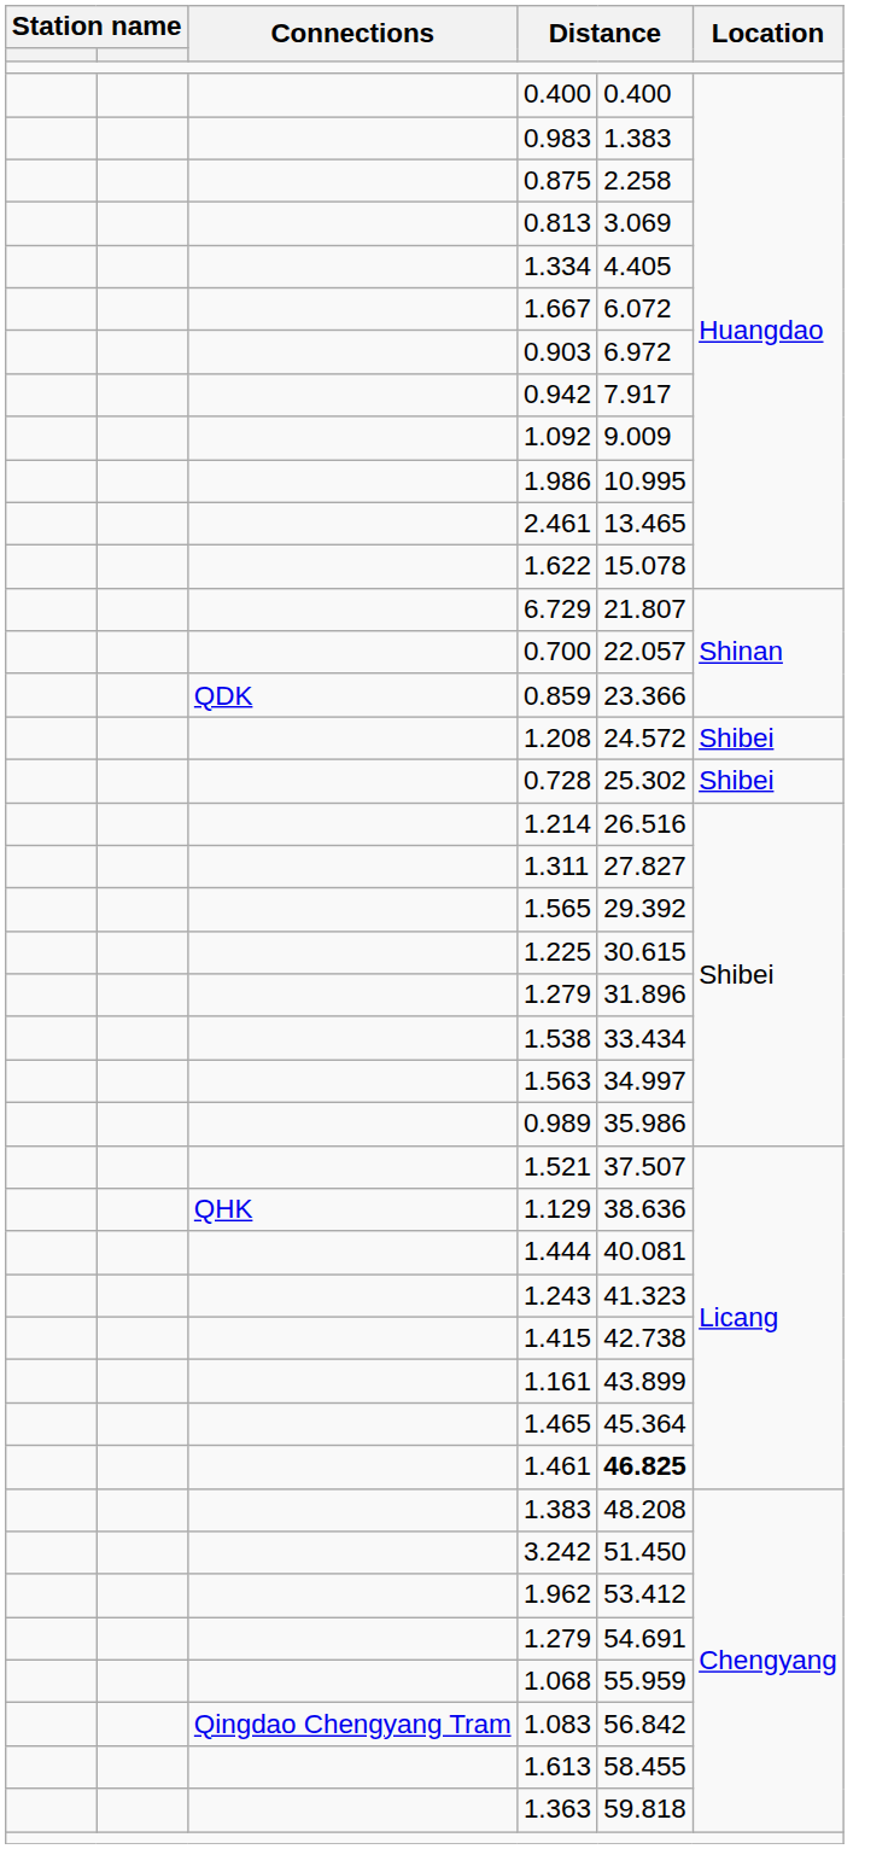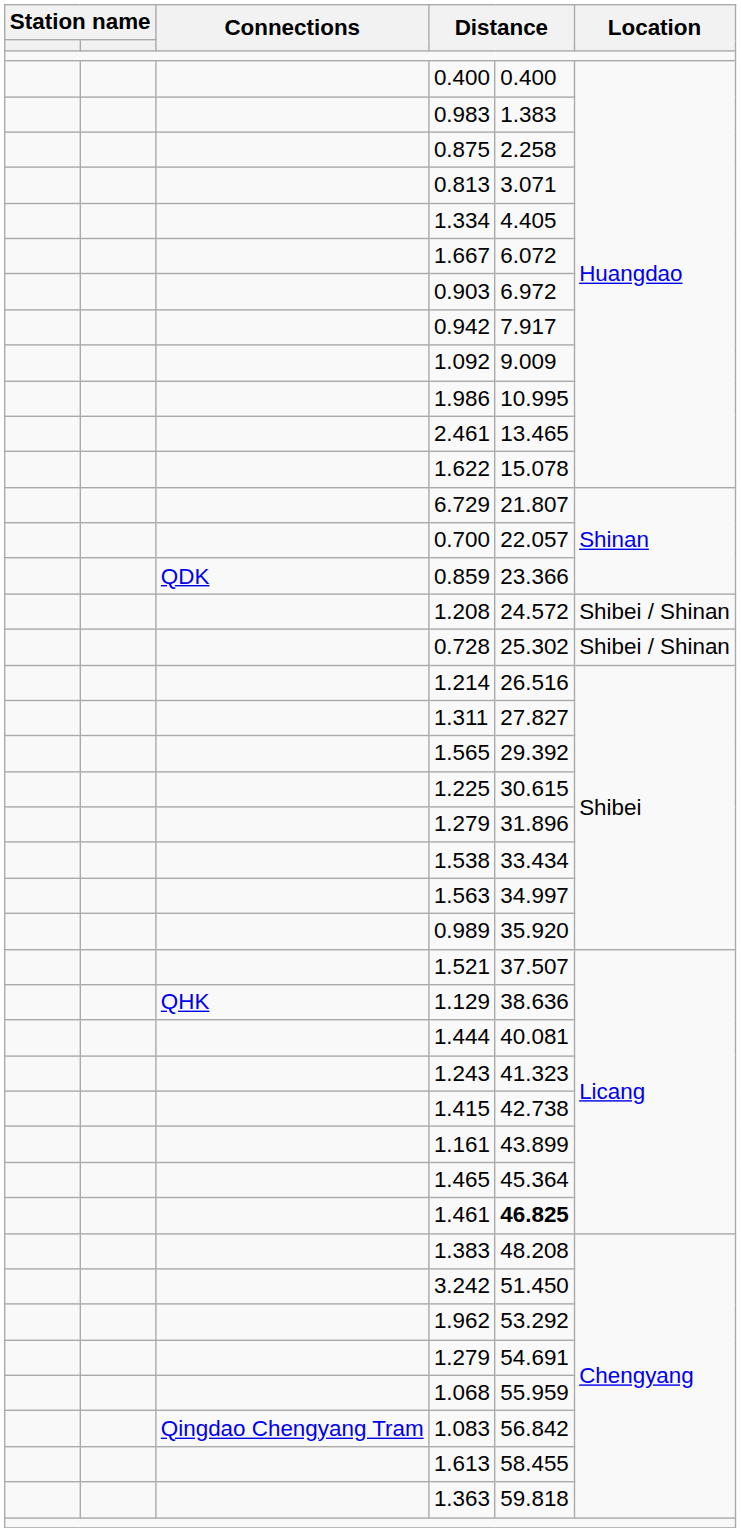 <table class="wikitable">
 <tr>
 <th colspan=2>Station name</th>
 <th rowspan=2>Connections</th>
 <th colspan="2" rowspan="2">Distance<br></th>
 <th rowspan=2>Location</th>
 </tr>
 <tr>
 <th></th>
 <th></th>
 </tr>
 <tr style="background:#">
 <td colspan = "6"></td>
 </tr>
 <tr>
 <td></td>
 <td></td>
 <td></td>
 <td>0.400</td>
 <td>0.400</td>
 <td rowspan="12"><a href='#'>Huangdao</a></td>
 </tr>
 <tr>
 <td></td>
 <td></td>
 <td></td>
 <td>0.983</td>
 <td>1.383</td>
 </tr>
 <tr>
 <td></td>
 <td></td>
 <td></td>
 <td>0.875</td>
 <td>2.258</td>
 </tr>
 <tr>
 <td></td>
 <td></td>
 <td></td>
 <td>0.813</td>
-<td>3.069</td>
+<td>3.071</td>
 </tr>
 <tr>
 <td></td>
 <td></td>
 <td></td>
 <td>1.334</td>
 <td>4.405</td>
 </tr>
 <tr>
 <td></td>
 <td></td>
 <td></td>
 <td>1.667</td>
 <td>6.072</td>
 </tr>
 <tr>
 <td></td>
 <td></td>
 <td></td>
 <td>0.903</td>
 <td>6.972</td>
 </tr>
 <tr>
 <td></td>
 <td></td>
 <td></td>
 <td>0.942</td>
 <td>7.917</td>
 </tr>
 <tr>
 <td></td>
 <td></td>
 <td></td>
 <td>1.092</td>
 <td>9.009</td>
 </tr>
 <tr>
 <td></td>
 <td></td>
 <td></td>
 <td>1.986</td>
 <td>10.995</td>
 </tr>
 <tr>
 <td></td>
 <td></td>
 <td></td>
 <td>2.461</td>
 <td>13.465</td>
 </tr>
 <tr>
 <td></td>
 <td></td>
 <td></td>
 <td>1.622</td>
 <td>15.078</td>
 </tr>
 <tr>
 <td></td>
 <td></td>
 <td></td>
 <td>6.729</td>
 <td>21.807</td>
 <td rowspan="3"><a href='#'>Shinan</a></td>
 </tr>
 <tr>
 <td></td>
 <td></td>
 <td></td>
 <td>0.700</td>
 <td>22.057</td>
 </tr>
 <tr>
 <td></td>
 <td></td>
 <td>  <a href='#'>QDK</a></td>
 <td>0.859</td>
 <td>23.366</td>
 </tr>
 <tr>
 <td></td>
 <td></td>
 <td></td>
 <td>1.208</td>
 <td>24.572</td>
-<td><a href='#'>Shibei</a></td>
+<td>Shibei / Shinan</td>
 </tr>
 <tr>
 <td></td>
 <td></td>
 <td></td>
 <td>0.728</td>
 <td>25.302</td>
-<td><a href='#'>Shibei</a></td>
+<td>Shibei / Shinan</td>
 </tr>
 <tr>
 <td></td>
 <td></td>
 <td></td>
 <td>1.214</td>
 <td>26.516</td>
 <td rowspan="8">Shibei</td>
 </tr>
 <tr>
 <td></td>
 <td></td>
 <td></td>
 <td>1.311</td>
 <td>27.827</td>
 </tr>
 <tr>
 <td></td>
 <td></td>
 <td></td>
 <td>1.565</td>
 <td>29.392</td>
 </tr>
 <tr>
 <td></td>
 <td></td>
 <td></td>
 <td>1.225</td>
 <td>30.615</td>
 </tr>
 <tr>
 <td></td>
 <td></td>
 <td></td>
 <td>1.279</td>
 <td>31.896</td>
 </tr>
 <tr>
 <td></td>
 <td></td>
 <td></td>
 <td>1.538</td>
 <td>33.434</td>
 </tr>
 <tr>
 <td></td>
 <td></td>
 <td></td>
 <td>1.563</td>
 <td>34.997</td>
 </tr>
 <tr>
 <td></td>
 <td></td>
 <td></td>
 <td>0.989</td>
-<td>35.986</td>
+<td>35.920</td>
 </tr>
 <tr>
 <td></td>
 <td></td>
 <td></td>
 <td>1.521</td>
 <td>37.507</td>
 <td rowspan="8"><a href='#'>Licang</a></td>
 </tr>
 <tr>
 <td></td>
 <td></td>
 <td>    <a href='#'>QHK</a></td>
 <td>1.129</td>
 <td>38.636</td>
 </tr>
 <tr>
 <td></td>
 <td></td>
 <td></td>
 <td>1.444</td>
 <td>40.081</td>
 </tr>
 <tr>
 <td></td>
 <td></td>
 <td></td>
 <td>1.243</td>
 <td>41.323</td>
 </tr>
 <tr>
 <td></td>
 <td></td>
 <td> </td>
 <td>1.415</td>
 <td>42.738</td>
 </tr>
 <tr>
 <td></td>
 <td></td>
 <td></td>
 <td>1.161</td>
 <td>43.899</td>
 </tr>
 <tr>
 <td></td>
 <td></td>
 <td></td>
 <td>1.465</td>
 <td>45.364</td>
 </tr>
 <tr>
 <td></td>
 <td></td>
 <td></td>
 <td>1.461</td>
 <td><strong>46.825</strong></td>
 </tr>
 <tr>
 <td></td>
 <td></td>
 <td></td>
 <td>1.383</td>
 <td>48.208</td>
 <td rowspan="8"><a href='#'>Chengyang</a></td>
 </tr>
 <tr>
 <td></td>
 <td></td>
 <td></td>
 <td>3.242</td>
 <td>51.450</td>
 </tr>
 <tr>
 <td></td>
 <td></td>
 <td></td>
 <td>1.962</td>
-<td>53.412</td>
+<td>53.292</td>
 </tr>
 <tr>
 <td></td>
 <td></td>
 <td></td>
 <td>1.279</td>
 <td>54.691</td>
 </tr>
 <tr>
 <td></td>
 <td></td>
 <td></td>
 <td>1.068</td>
 <td>55.959</td>
 </tr>
 <tr>
 <td></td>
 <td></td>
 <td> <a href='#'>Qingdao Chengyang Tram</a></td>
 <td>1.083</td>
 <td>56.842</td>
 </tr>
 <tr>
 <td></td>
 <td></td>
 <td></td>
 <td>1.613</td>
 <td>58.455</td>
 </tr>
 <tr>
 <td></td>
 <td></td>
 <td></td>
 <td>1.363</td>
 <td>59.818</td>
 </tr>
 <tr style="background:#">
 <td colspan = "6"></td>
 </tr>
 </table>
